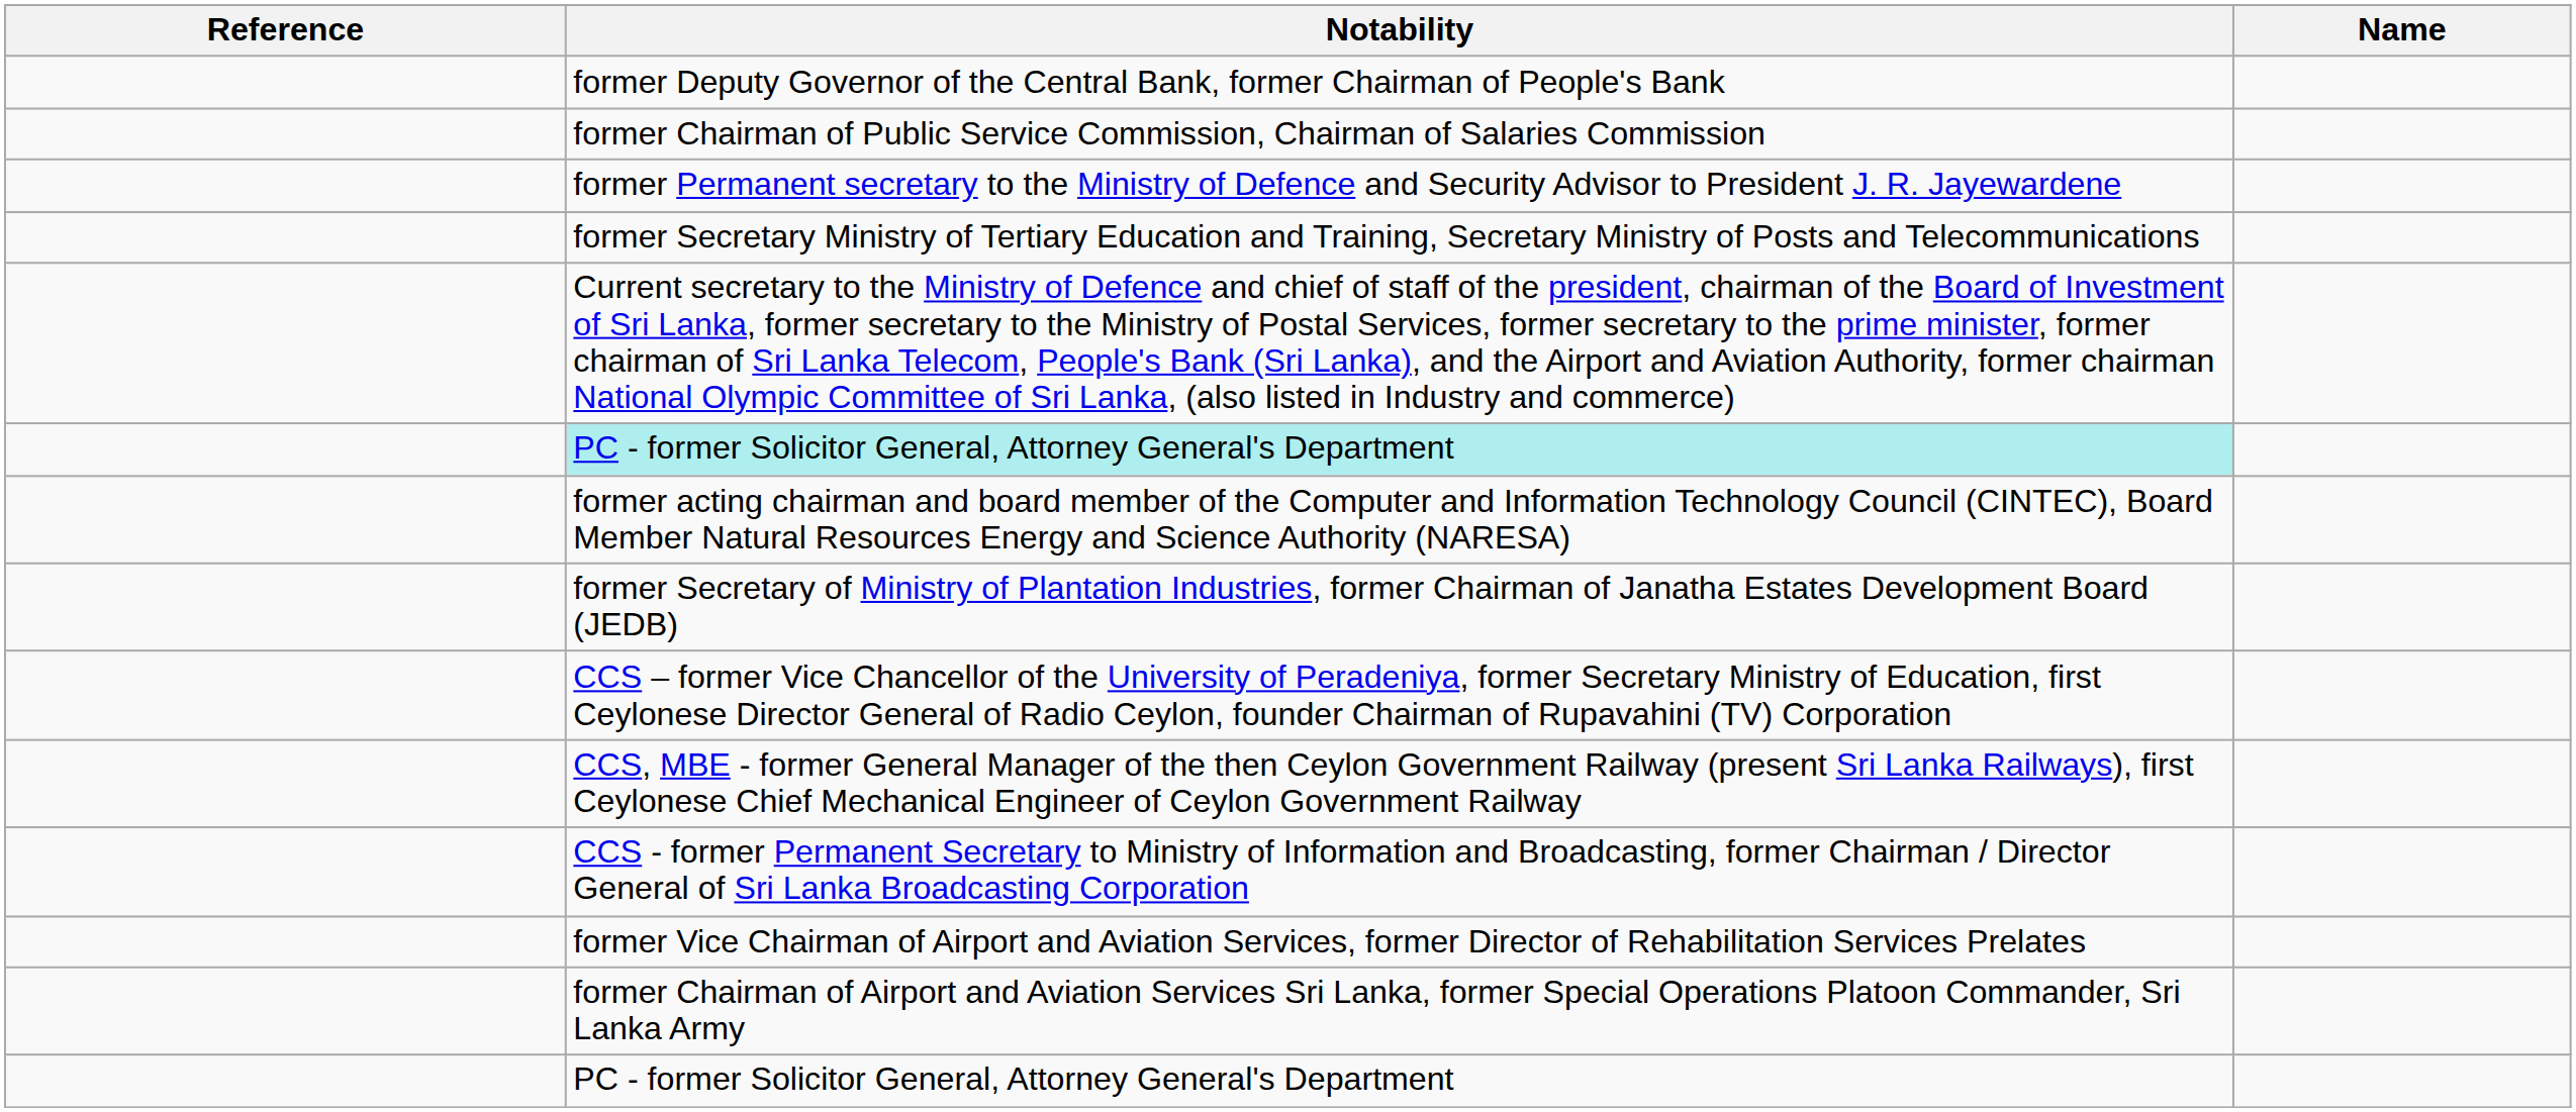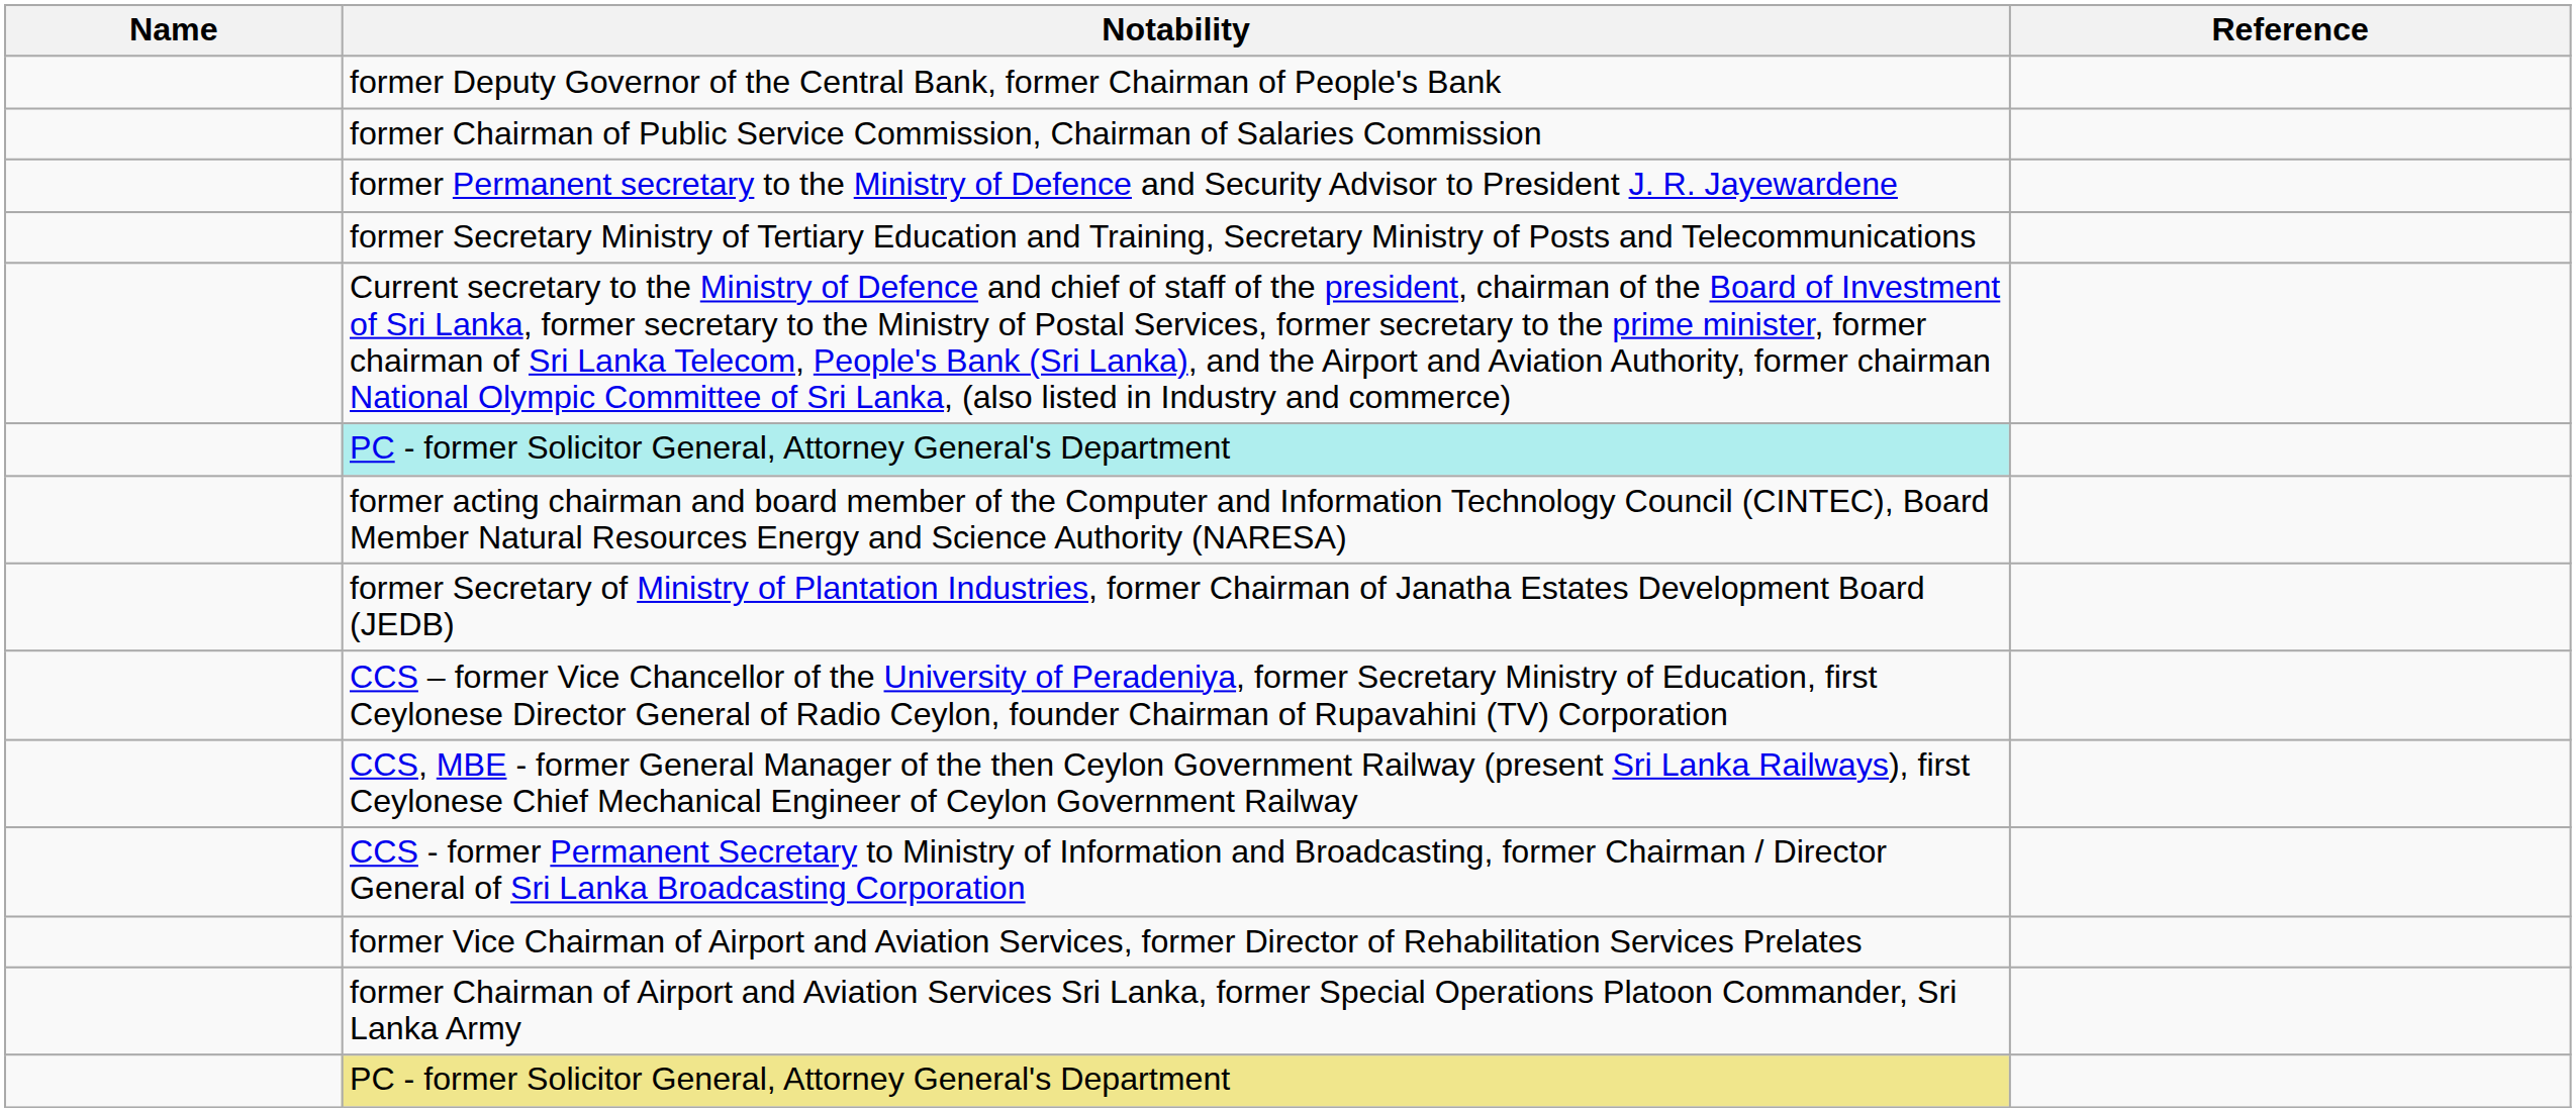 <table class="wikitable sortable" style="width:100%">
 <tr>
+<th style="width:*;">Name</th>
+<th style="width:65%;" class="unsortable">Notability</th>
 <th style="width:*;" class="unsortable">Reference</th>
-<th style="width:65%;" class="unsortable">Notability</th>
-<th style="width:*;">Name</th>
 </tr>
 <tr>
+<td></td>
+<td>former Deputy Governor of the Central Bank, former Chairman of People's Bank</td>
 <td style="text-align:center;"></td>
-<td>former Deputy Governor of the Central Bank, former Chairman of People's Bank</td>
-<td></td>
 </tr>
 <tr>
+<td></td>
+<td>former Chairman of Public Service Commission, Chairman of Salaries Commission</td>
 <td style="text-align:center;"></td>
-<td>former Chairman of Public Service Commission, Chairman of Salaries Commission</td>
-<td></td>
 </tr>
 <tr>
+<td></td>
+<td>former <a href='#'>Permanent secretary</a> to the <a href='#'>Ministry of Defence</a> and Security Advisor to President <a href='#'>J. R. Jayewardene</a></td>
 <td style="text-align:center;"></td>
-<td>former <a href='#'>Permanent secretary</a> to the <a href='#'>Ministry of Defence</a> and Security Advisor to President <a href='#'>J. R. Jayewardene</a></td>
-<td></td>
 </tr>
 <tr>
+<td></td>
+<td>former Secretary Ministry of Tertiary Education and Training, Secretary Ministry of Posts and Telecommunications</td>
 <td style="text-align:center;"></td>
-<td>former Secretary Ministry of Tertiary Education and Training, Secretary Ministry of Posts and Telecommunications</td>
-<td></td>
 </tr>
 <tr>
+<td></td>
+<td>Current secretary to the <a href='#'>Ministry of Defence</a> and chief of staff of the <a href='#'>president</a>, chairman of the <a href='#'>Board of Investment of Sri Lanka</a>, former secretary to the Ministry of Postal Services, former secretary to the <a href='#'>prime minister</a>, former chairman of <a href='#'>Sri Lanka Telecom</a>, <a href='#'>People's Bank (Sri Lanka)</a>, and the Airport and Aviation Authority, former chairman <a href='#'>National Olympic Committee of Sri Lanka</a>, (also listed in Industry and commerce)</td>
 <td style="text-align:center;"></td>
-<td>Current secretary to the <a href='#'>Ministry of Defence</a> and chief of staff of the <a href='#'>president</a>, chairman of the <a href='#'>Board of Investment of Sri Lanka</a>, former secretary to the Ministry of Postal Services, former secretary to the <a href='#'>prime minister</a>, former chairman of <a href='#'>Sri Lanka Telecom</a>, <a href='#'>People's Bank (Sri Lanka)</a>, and the Airport and Aviation Authority, former chairman <a href='#'>National Olympic Committee of Sri Lanka</a>, (also listed in Industry and commerce)</td>
-<td></td>
 </tr>
 <tr>
+<td></td>
+<td style="background: paleturquoise;"><a href='#'>PC</a> - former Solicitor General, Attorney General's Department</td>
 <td style="text-align:center;"></td>
-<td style="background: paleturquoise;"><a href='#'>PC</a> - former Solicitor General, Attorney General's Department</td>
-<td></td>
 </tr>
 <tr>
+<td></td>
+<td>former acting chairman and board member of the Computer and Information Technology Council (CINTEC), Board Member Natural Resources Energy and Science Authority (NARESA)</td>
 <td style="text-align:center;"></td>
-<td>former acting chairman and board member of the Computer and Information Technology Council (CINTEC), Board Member Natural Resources Energy and Science Authority (NARESA)</td>
-<td></td>
 </tr>
 <tr>
+<td></td>
+<td>former Secretary of <a href='#'>Ministry of Plantation Industries</a>, former Chairman of Janatha Estates Development Board (JEDB)</td>
 <td style="text-align:center;"></td>
-<td>former Secretary of <a href='#'>Ministry of Plantation Industries</a>, former Chairman of Janatha Estates Development Board (JEDB)</td>
-<td></td>
 </tr>
 <tr>
+<td></td>
+<td><a href='#'>CCS</a> – former Vice Chancellor of the <a href='#'>University of Peradeniya</a>, former Secretary Ministry of Education, first Ceylonese Director General of Radio Ceylon, founder Chairman of Rupavahini (TV) Corporation</td>
 <td style="text-align:center;"></td>
-<td><a href='#'>CCS</a> – former Vice Chancellor of the <a href='#'>University of Peradeniya</a>, former Secretary Ministry of Education, first Ceylonese Director General of Radio Ceylon, founder Chairman of Rupavahini (TV) Corporation</td>
-<td></td>
 </tr>
 <tr>
+<td></td>
+<td><a href='#'>CCS</a>, <a href='#'>MBE</a> - former General Manager of the then Ceylon Government Railway (present <a href='#'>Sri Lanka Railways</a>), first Ceylonese Chief Mechanical Engineer of Ceylon Government Railway</td>
 <td style="text-align:center;"></td>
-<td><a href='#'>CCS</a>, <a href='#'>MBE</a> - former General Manager of the then Ceylon Government Railway (present <a href='#'>Sri Lanka Railways</a>), first Ceylonese Chief Mechanical Engineer of Ceylon Government Railway</td>
-<td></td>
 </tr>
 <tr>
+<td></td>
+<td><a href='#'>CCS</a> - former <a href='#'>Permanent Secretary</a> to Ministry of Information and Broadcasting, former Chairman / Director General of <a href='#'>Sri Lanka Broadcasting Corporation</a></td>
 <td style="text-align:center;"></td>
-<td><a href='#'>CCS</a> - former <a href='#'>Permanent Secretary</a> to Ministry of Information and Broadcasting, former Chairman / Director General of <a href='#'>Sri Lanka Broadcasting Corporation</a></td>
-<td></td>
 </tr>
 <tr>
+<td></td>
+<td>former Vice Chairman of Airport and Aviation Services, former Director of Rehabilitation Services Prelates</td>
 <td style="text-align:center;"></td>
-<td>former Vice Chairman of Airport and Aviation Services, former Director of Rehabilitation Services Prelates</td>
-<td></td>
 </tr>
 <tr>
+<td></td>
+<td>former Chairman of Airport and Aviation Services Sri Lanka, former Special Operations Platoon Commander, Sri Lanka Army</td>
 <td style="text-align:center;"></td>
-<td>former Chairman of Airport and Aviation Services Sri Lanka, former Special Operations Platoon Commander, Sri Lanka Army</td>
-<td></td>
 </tr>
 <tr>
+<td></td>
+<td style="background: khaki;">PC - former Solicitor General, Attorney General's Department</td>
 <td style="text-align:center;"></td>
-<td>PC - former Solicitor General, Attorney General's Department</td>
-<td></td>
 </tr>
 </table>
